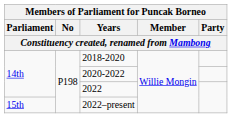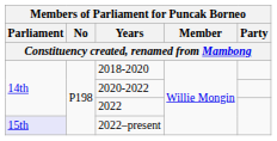 <table class=wikitable>
 <tr>
 <th colspan="5">Members of Parliament for Puncak Borneo</th>
 </tr>
 <tr>
 <th>Parliament</th>
 <th>No</th>
 <th>Years</th>
 <th>Member</th>
 <th>Party</th>
 </tr>
 <tr>
 <th colspan="5" align="center"><em>Constituency created, renamed from <a href='#'>Mambong</a></em></th>
 </tr>
 <tr>
 <td rowspan="3"><a href='#'>14th</a></td>
 <td rowspan="4">P198</td>
 <td>2018-2020</td>
 <td rowspan="4"><a href='#'>Willie Mongin</a></td>
 <td></td>
 </tr>
 <tr>
 <td>2020-2022</td>
 <td></td>
 </tr>
 <tr>
 <td>2022</td>
 <td rowspan="2"></td>
 </tr>
 <tr>
-<td><a href='#'>15th</a></td>
+<td style="background: lavender;"><a href='#'>15th</a></td>
 <td>2022–present</td>
 </tr>
 </table>
